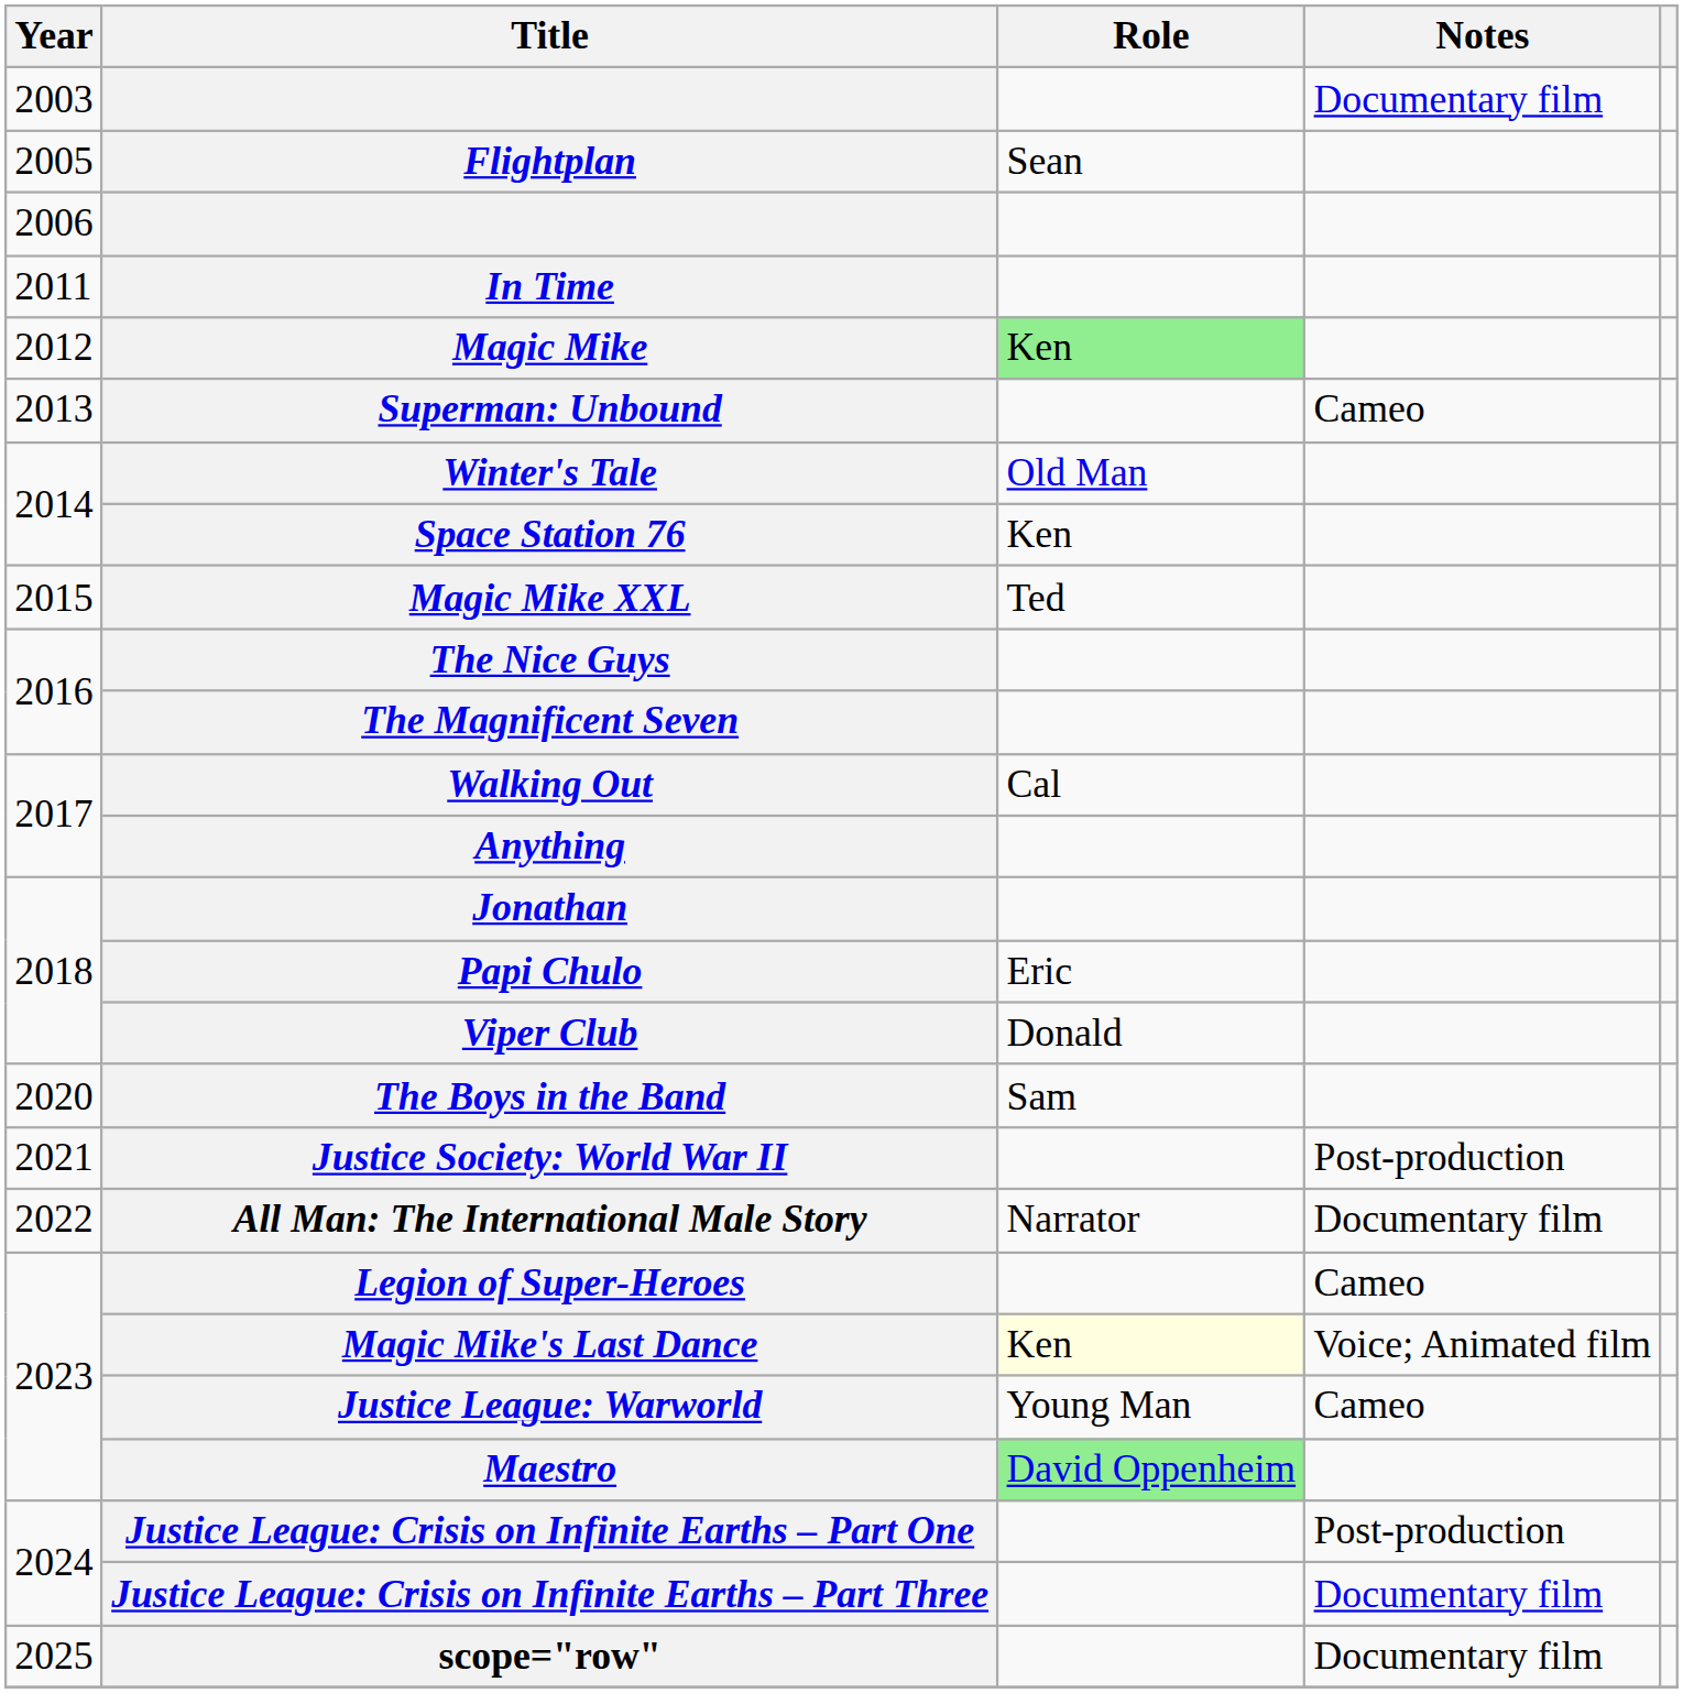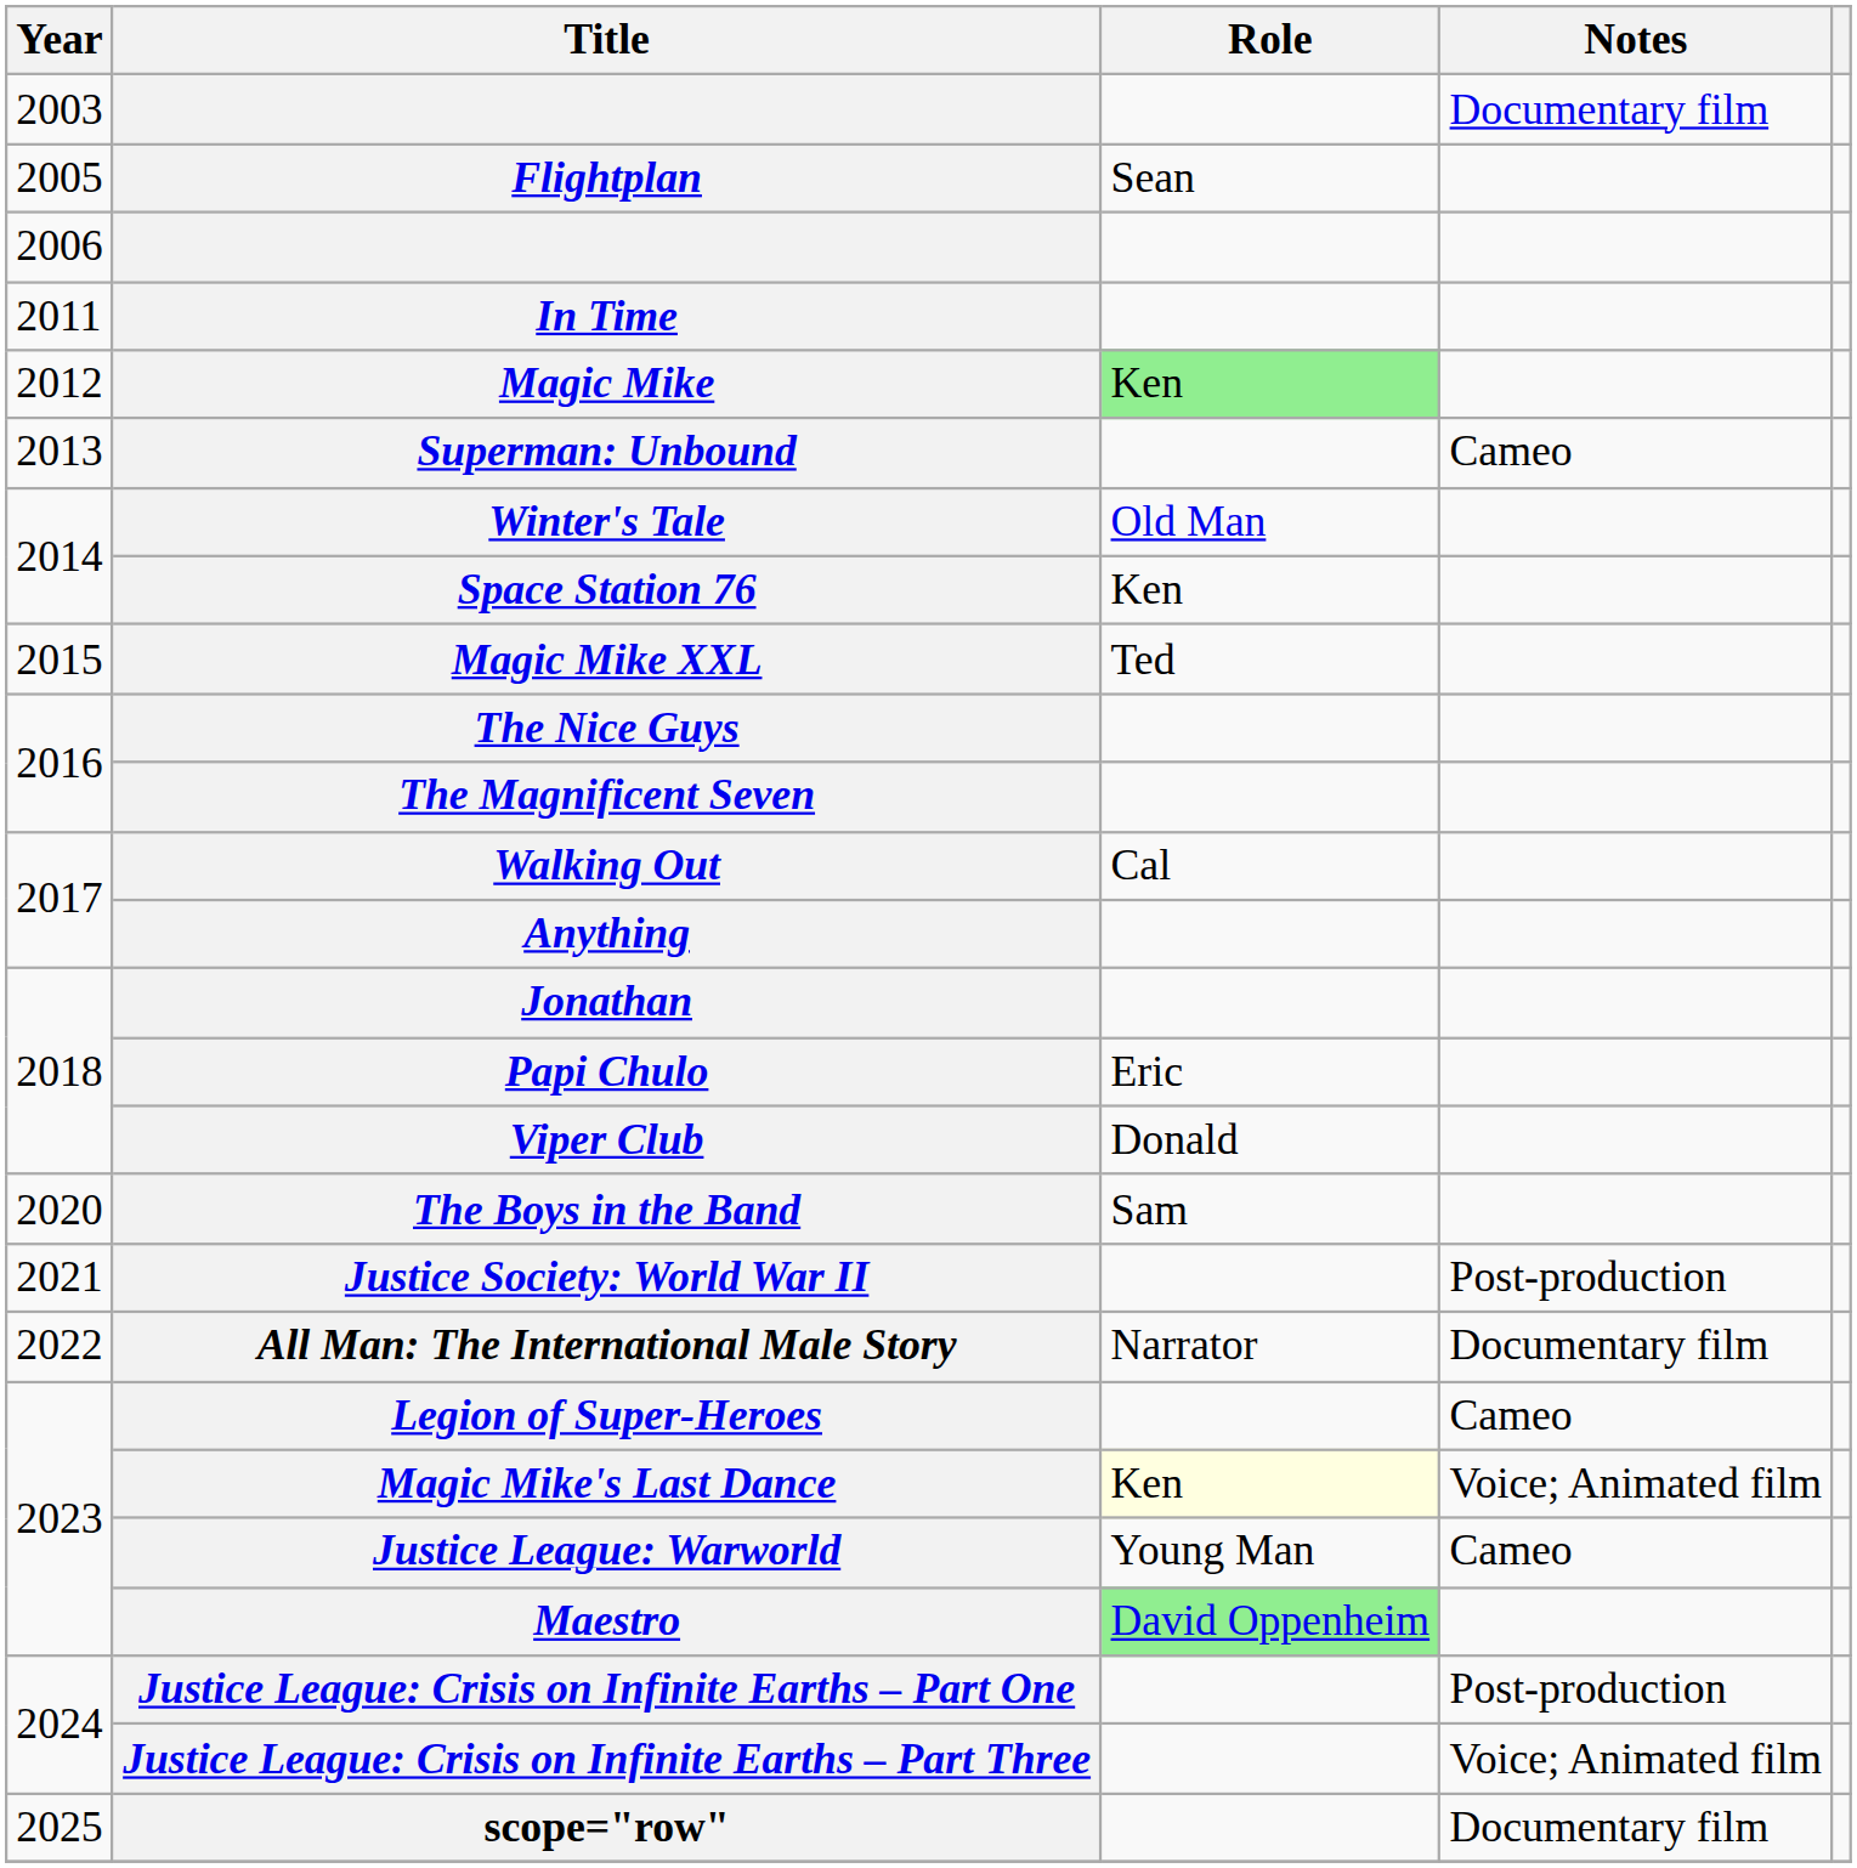 <table class="wikitable plainrowheaders sortable">
 <tr>
 <th scope="col">Year</th>
 <th scope="col">Title</th>
 <th scope="col">Role</th>
 <th scope="col" class="unsortable">Notes</th>
 <th scope="col" class="unsortable"></th>
 </tr>
 <tr>
 <td>2003</td>
 <th scope="row"><em></em></th>
 <td></td>
 <td><a href='#'>Documentary film</a></td>
 <td style="text-align:center;"></td>
 </tr>
 <tr>
 <td>2005</td>
 <th scope="row"><em><a href='#'>Flightplan</a></em></th>
 <td>Sean</td>
 <td></td>
 <td style="text-align:center;"></td>
 </tr>
 <tr>
 <td>2006</td>
 <th scope="row"><em></em></th>
 <td></td>
 <td></td>
 <td style="text-align:center;"></td>
 </tr>
 <tr>
 <td>2011</td>
 <th scope="row"><em><a href='#'>In Time</a></em></th>
 <td></td>
 <td></td>
 <td style="text-align:center;"></td>
 </tr>
 <tr>
 <td>2012</td>
 <th scope="row"><em><a href='#'>Magic Mike</a></em></th>
 <td style="background: lightgreen;">Ken</td>
 <td></td>
 <td style="text-align:center;"></td>
 </tr>
 <tr>
 <td>2013</td>
 <th scope="row"><em><a href='#'>Superman: Unbound</a></em></th>
 <td></td>
 <td>Cameo</td>
 <td style="text-align:center;"></td>
 </tr>
 <tr>
 <td rowspan="2">2014</td>
 <th scope="row"><em><a href='#'>Winter's Tale</a></em></th>
 <td><a href='#'>Old Man</a></td>
 <td></td>
 <td style="text-align:center;"></td>
 </tr>
 <tr>
 <th scope="row"><em><a href='#'>Space Station 76</a></em></th>
 <td>Ken</td>
 <td></td>
 <td style="text-align:center;"></td>
 </tr>
 <tr>
 <td>2015</td>
 <th scope="row"><em><a href='#'>Magic Mike XXL</a></em></th>
 <td>Ted</td>
 <td></td>
 <td style="text-align:center;"></td>
 </tr>
 <tr>
 <td rowspan="2">2016</td>
 <th scope="row"><em><a href='#'>The Nice Guys</a></em></th>
 <td></td>
 <td></td>
 <td style="text-align:center;"></td>
 </tr>
 <tr>
 <th scope="row"><em><a href='#'>The Magnificent Seven</a></em></th>
 <td></td>
 <td></td>
 <td style="text-align:center;"></td>
 </tr>
 <tr>
 <td rowspan="2">2017</td>
 <th scope="row"><em><a href='#'>Walking Out</a></em></th>
 <td>Cal</td>
 <td></td>
 <td style="text-align:center;"></td>
 </tr>
 <tr>
 <th scope="row"><em><a href='#'>Anything</a></em></th>
 <td></td>
 <td></td>
 <td style="text-align:center;"></td>
 </tr>
 <tr>
 <td rowspan="3">2018</td>
 <th scope="row"><em><a href='#'>Jonathan</a></em></th>
 <td></td>
 <td></td>
 <td style="text-align:center;"></td>
 </tr>
 <tr>
 <th scope="row"><em><a href='#'>Papi Chulo</a></em></th>
 <td>Eric</td>
 <td></td>
 <td style="text-align:center;"></td>
 </tr>
 <tr>
 <th scope="row"><em><a href='#'>Viper Club</a></em></th>
 <td>Donald</td>
 <td></td>
 <td style="text-align:center;"></td>
 </tr>
 <tr>
 <td>2020</td>
 <th scope="row"><em><a href='#'>The Boys in the Band</a></em></th>
 <td>Sam</td>
 <td></td>
 <td style="text-align:center;"></td>
 </tr>
 <tr>
 <td>2021</td>
 <th scope="row"><em><a href='#'>Justice Society: World War II</a></em></th>
 <td></td>
 <td>Post-production</td>
 <td style="text-align:center;"></td>
 </tr>
 <tr>
 <td>2022</td>
 <th scope="row"><em>All Man: The International Male Story</em></th>
 <td>Narrator</td>
 <td>Documentary film</td>
 <td style="text-align:center;"></td>
 </tr>
 <tr>
 <td rowspan="4">2023</td>
 <th scope="row"><em><a href='#'>Legion of Super-Heroes</a></em></th>
 <td></td>
 <td>Cameo</td>
 <td style="text-align:center;"></td>
 </tr>
 <tr>
 <th scope="row"><em><a href='#'>Magic Mike's Last Dance</a></em></th>
 <td style="background: lightyellow;">Ken</td>
 <td>Voice; Animated film</td>
 <td style="text-align:center;"></td>
 </tr>
 <tr>
 <th scope="row"><em><a href='#'>Justice League: Warworld</a></em></th>
 <td>Young Man</td>
 <td>Cameo</td>
 <td style="text-align:center;"></td>
 </tr>
 <tr>
 <th scope="row"><em><a href='#'>Maestro</a></em></th>
 <td style="background: lightgreen;"><a href='#'>David Oppenheim</a></td>
 <td></td>
 <td style="text-align:center;"></td>
 </tr>
 <tr>
 <td rowspan="2">2024</td>
 <th scope="row"><em><a href='#'>Justice League: Crisis on Infinite Earths – Part One</a></em></th>
 <td></td>
 <td>Post-production</td>
 <td style="text-align:center;"></td>
 </tr>
 <tr>
 <th scope="row"><em><a href='#'>Justice League: Crisis on Infinite Earths – Part Three</a></em></th>
 <td></td>
-<td><a href='#'>Documentary film</a></td>
+<td>Voice; Animated film</td>
 <td style="text-align:center;"></td>
 </tr>
 <tr>
 <td>2025</td>
 <th>scope="row" </th>
 <td></td>
 <td>Documentary film</td>
 <td style="text-align:center;"></td>
 </tr>
 <tr>
 </tr>
 </table>
